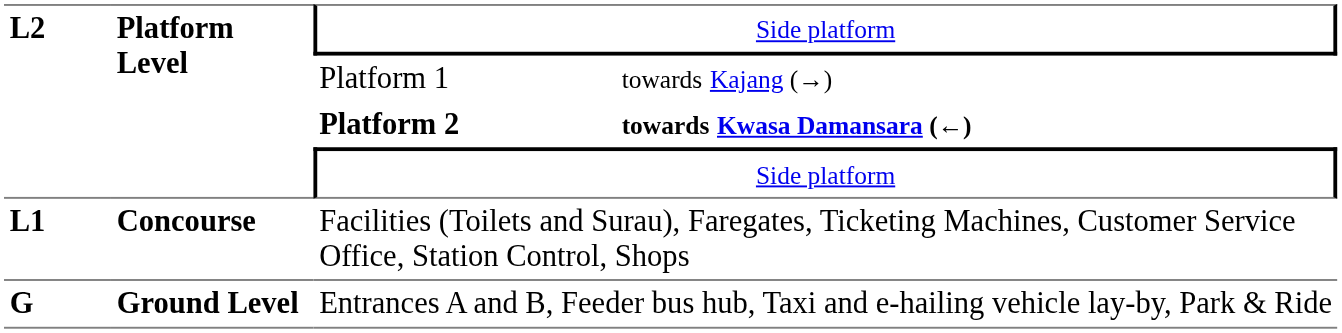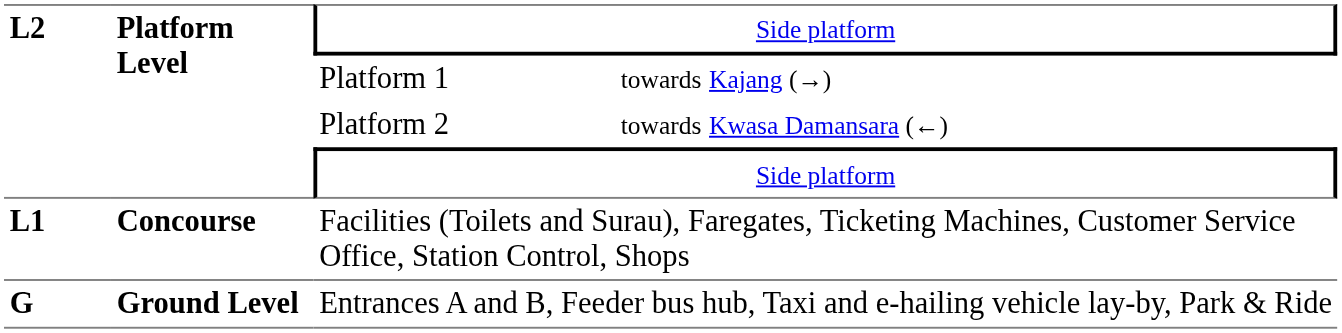 <table cellpadding="3" cellspacing="0" border="0">
 <tr>
 <td rowspan="4" valign="top" width="50" style="border-top:solid 1px gray;border-bottom:solid 1px gray;"><strong>L2</strong></td>
 <td rowspan="4" valign="top" width="100" style="border-top:solid 1px gray;border-bottom:solid 1px gray;"><strong>Platform Level</strong></td>
 <td colspan="2" style="width=500;border-top:solid 1px gray;border-right:solid 2px black;border-left:solid 2px black;border-bottom:solid 2px black;text-align:center;"><small><a href='#'>Side platform</a></small></td>
 </tr>
 <tr>
 <td>Platform 1</td>
 <td>  <small>towards</small>  <small><a href='#'>Kajang</a> (→)</small></td>
 </tr>
 <tr>
-<td><strong>Platform 2</strong></td>
-<td><strong>  <small>towards</small>  <small><a href='#'>Kwasa Damansara</a> (←)</small></strong></td>
+<td>Platform 2</td>
+<td>  <small>towards</small>  <small><a href='#'>Kwasa Damansara</a> (←)</small></td>
 </tr>
 <tr>
 <td colspan="2" style="width=500;border-top:solid 2px black;border-right:solid 2px black;border-left:solid 2px black;border-bottom:solid 1px gray;text-align:center;"><small><a href='#'>Side platform</a></small></td>
 </tr>
 <tr style="vertical-align:top;">
 <td style="border-bottom:solid 1px gray; "><strong>L1</strong></td>
 <td style="border-bottom:solid 1px gray; "><strong>Concourse</strong></td>
 <td colspan="2" width="500" style="border-bottom:solid 1px gray; ">Facilities (Toilets and Surau), Faregates, Ticketing Machines, Customer Service Office, Station Control, Shops</td>
 </tr>
 <tr>
 <td style="border-bottom:solid 1px gray; "><strong>G</strong></td>
 <td style="border-bottom:solid 1px gray; "><strong>Ground Level</strong></td>
 <td colspan="2" style="border-bottom:solid 1px gray; ">Entrances A and B, Feeder bus hub, Taxi and e-hailing vehicle lay-by, Park & Ride</td>
 </tr>
 </table>
